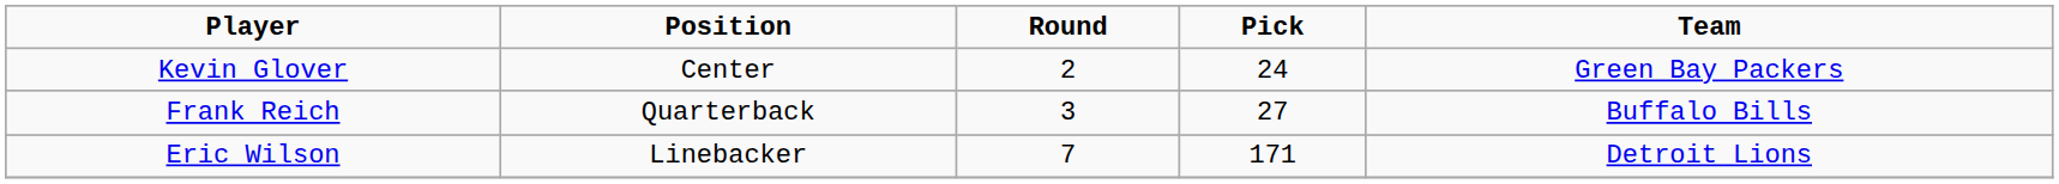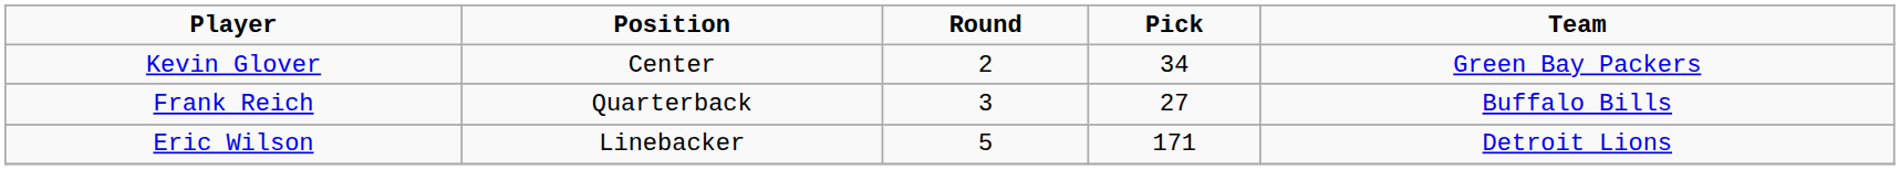 <table class="wikitable" width="80%">
 <tr align="center">
 <td><strong>Player</strong></td>
 <td><strong>Position</strong></td>
 <td><strong>Round</strong></td>
 <td><strong>Pick</strong></td>
 <td><strong>Team</strong></td>
 </tr>
 <tr align="center" bgcolor="">
 <td><a href='#'>Kevin Glover</a></td>
 <td>Center</td>
 <td>2</td>
-<td>24</td>
+<td>34</td>
 <td><a href='#'>Green Bay Packers</a></td>
 </tr>
 <tr align="center" bgcolor="">
 <td><a href='#'>Frank Reich</a></td>
 <td>Quarterback</td>
 <td>3</td>
 <td>27</td>
 <td><a href='#'>Buffalo Bills</a></td>
 </tr>
 <tr align="center" bgcolor="">
 <td><a href='#'>Eric Wilson</a></td>
 <td>Linebacker</td>
-<td>7</td>
+<td>5</td>
 <td>171</td>
 <td><a href='#'>Detroit Lions</a></td>
 </tr>
 <tr align="center" bgcolor="">
 </tr>
 </table>
